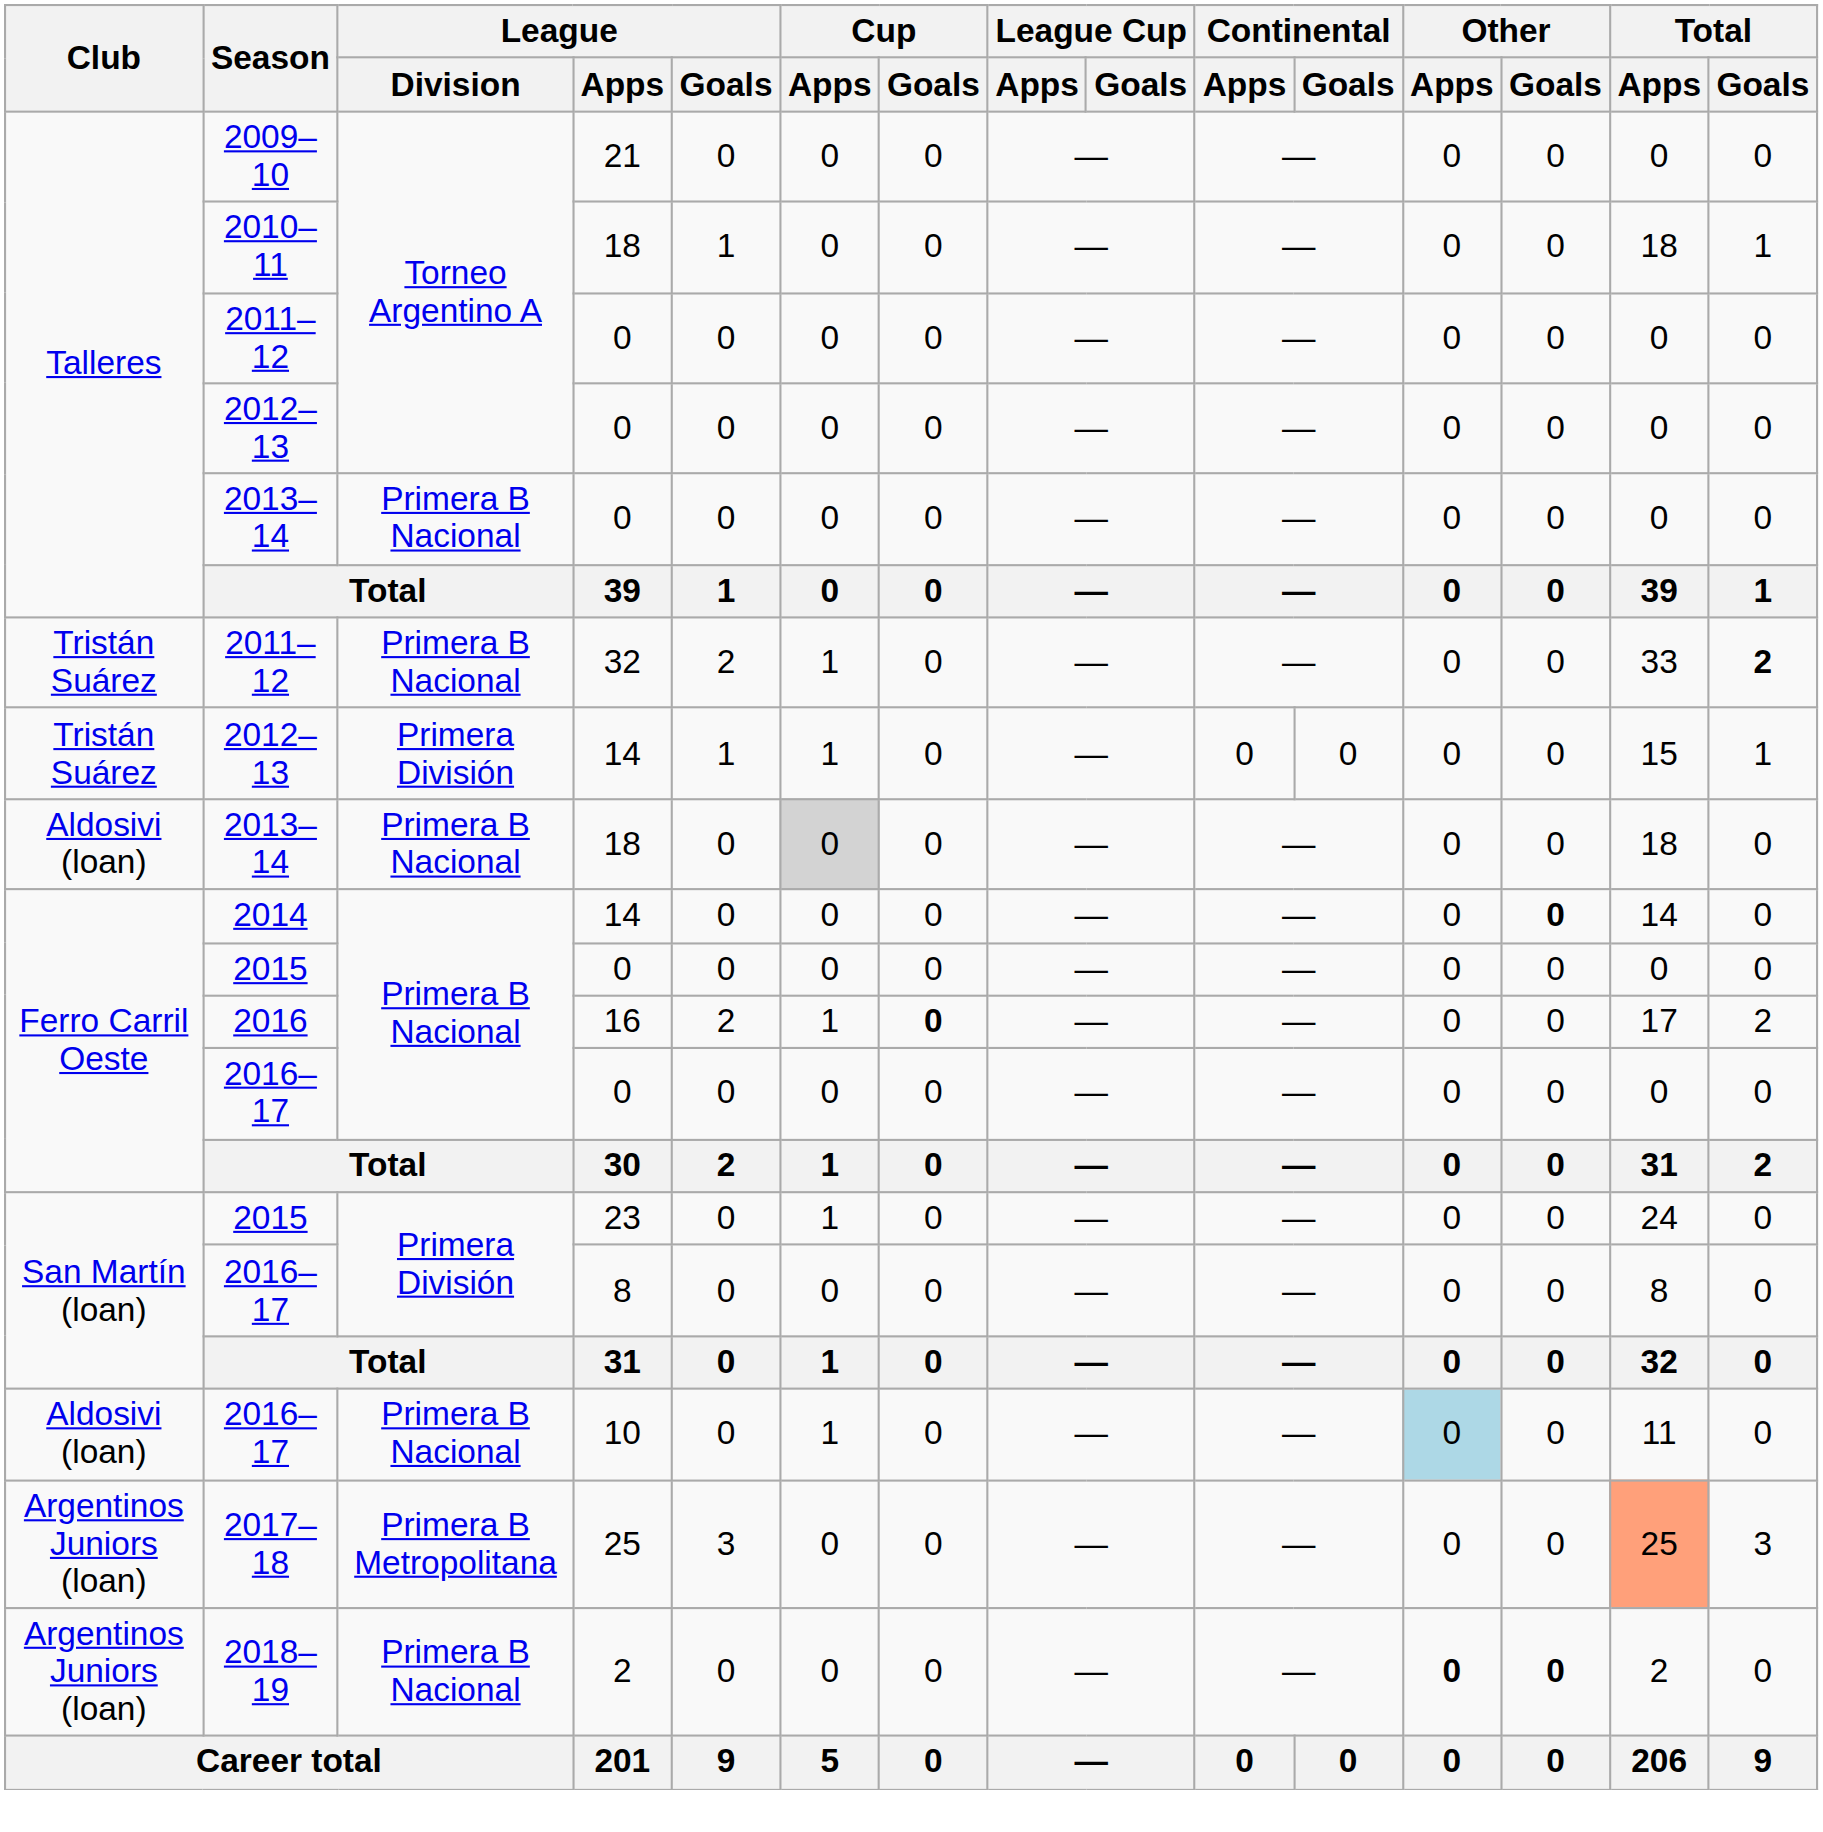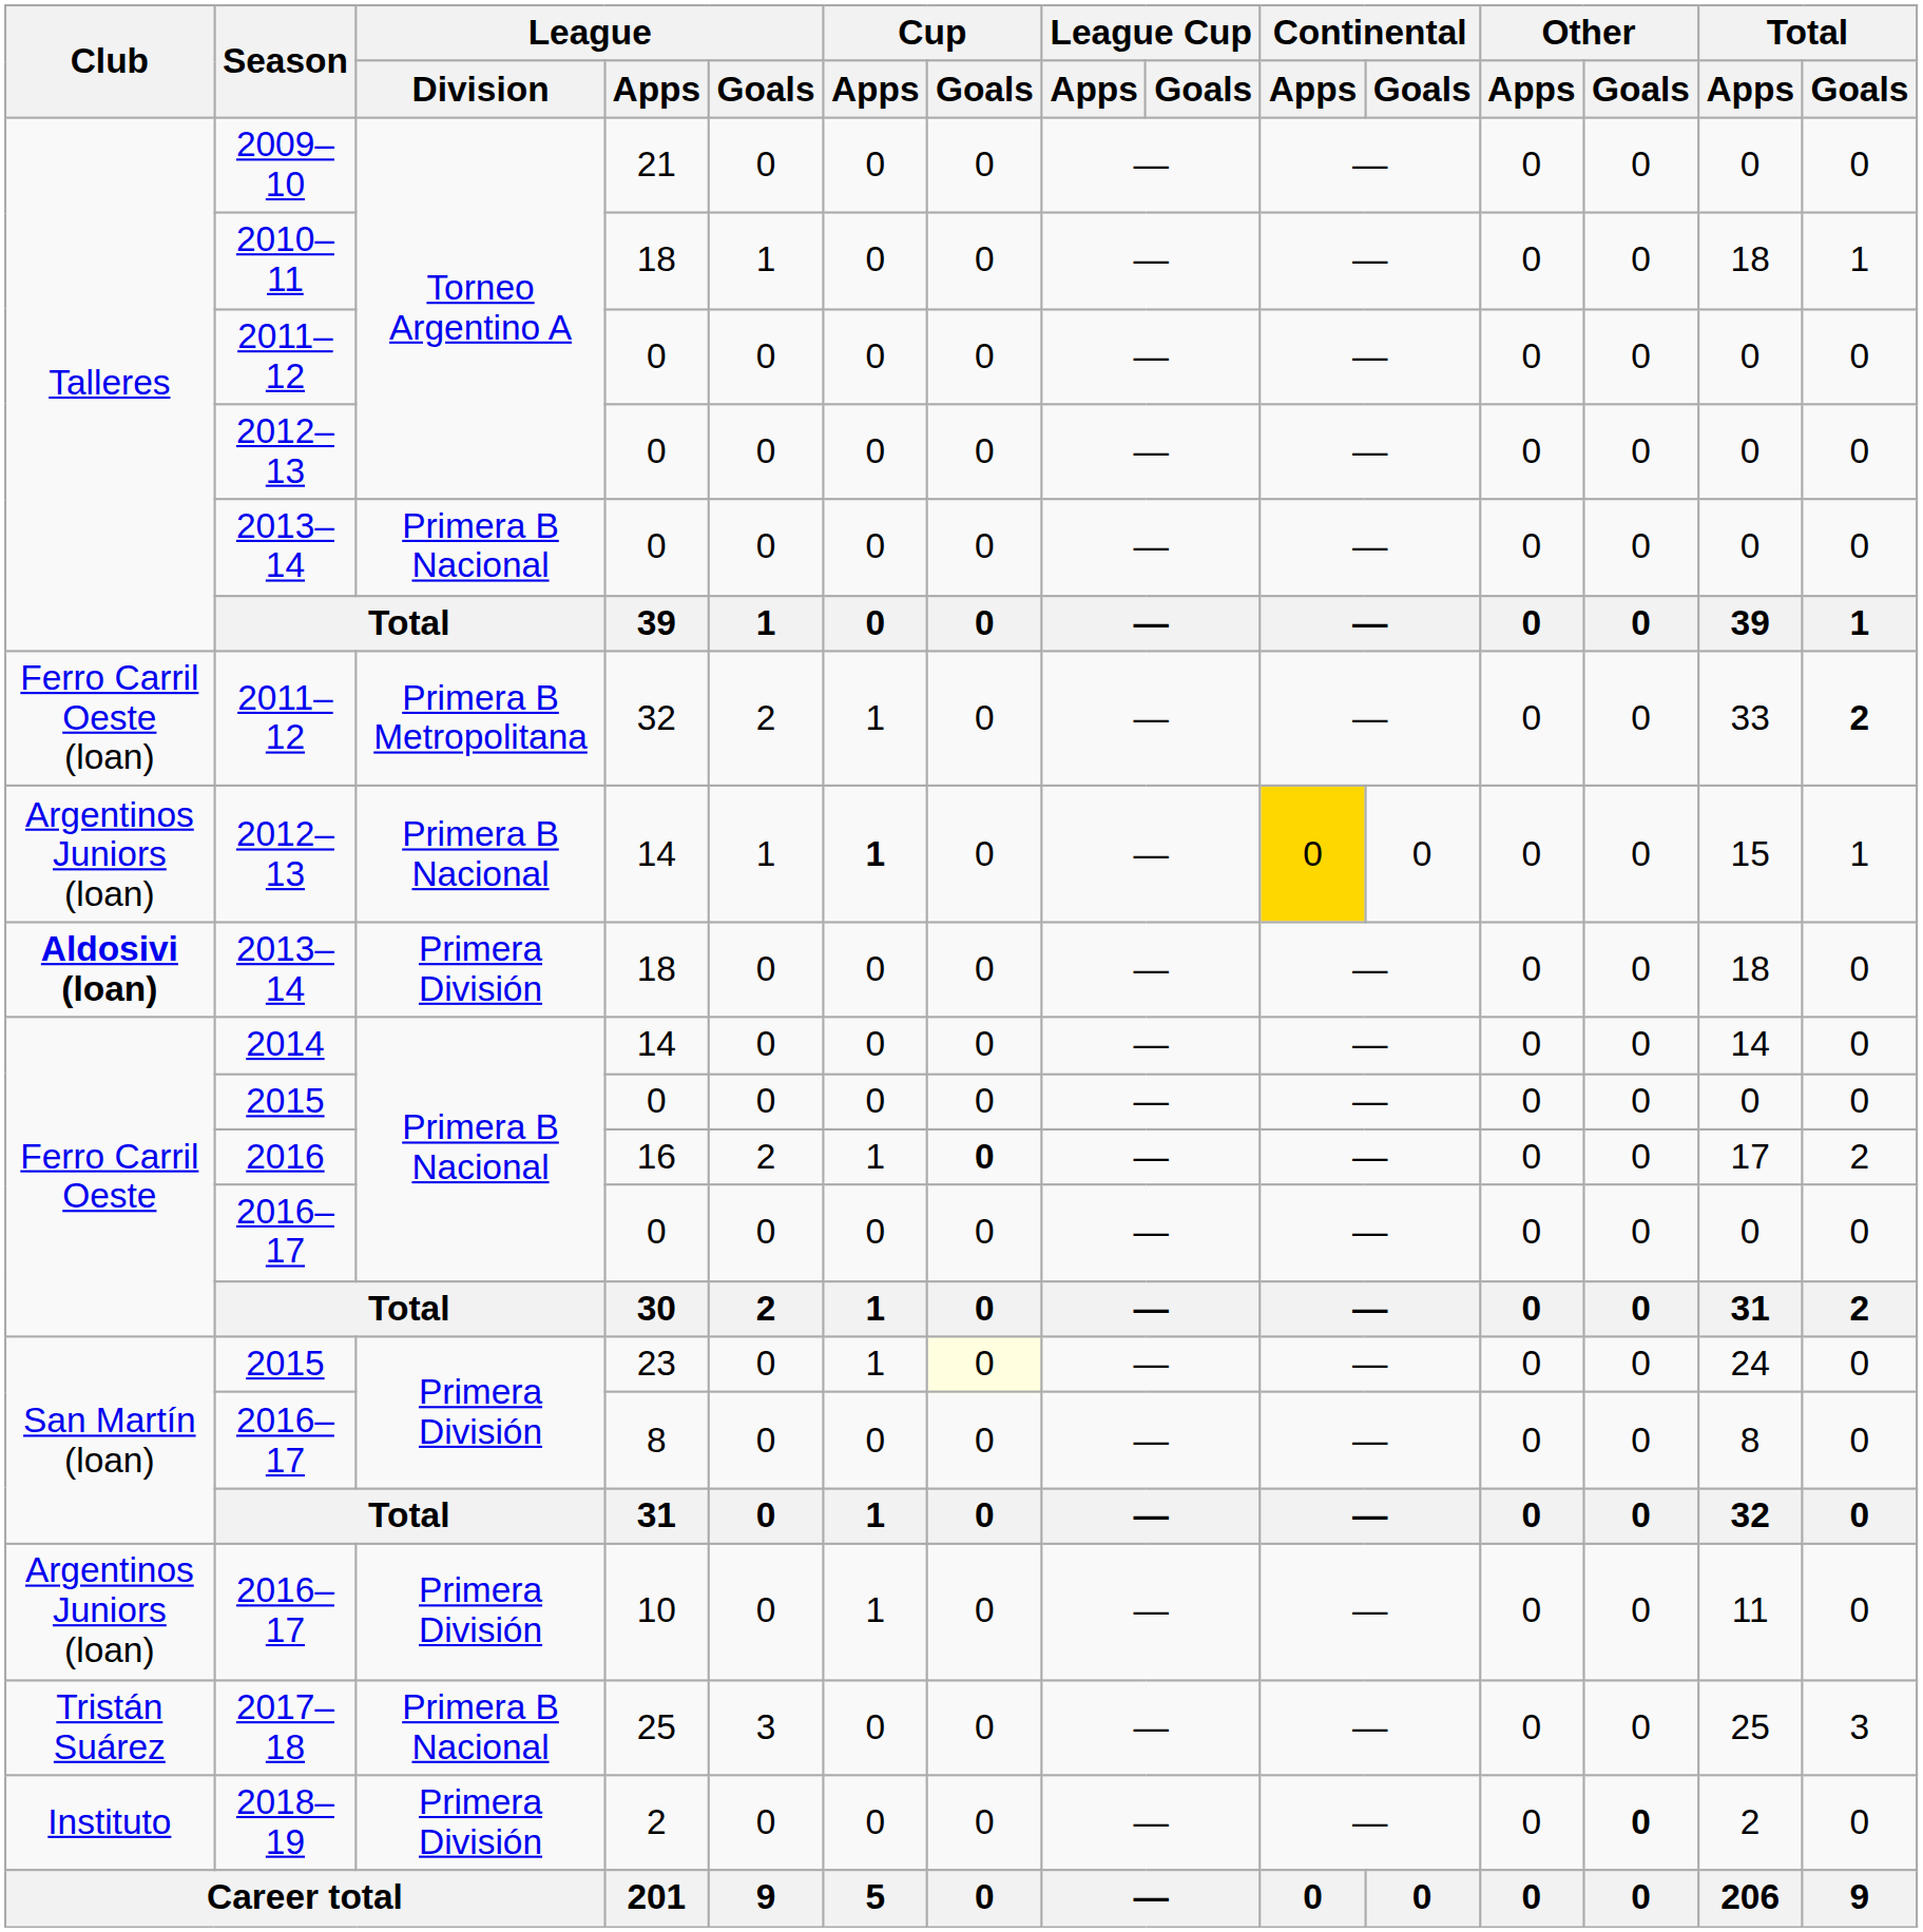 <table class="wikitable" style="text-align:center">
 <tr>
 <th rowspan="2">Club</th>
 <th rowspan="2">Season</th>
 <th colspan="3">League</th>
 <th colspan="2">Cup</th>
 <th colspan="2">League Cup</th>
 <th colspan="2">Continental</th>
 <th colspan="2">Other</th>
 <th colspan="2">Total</th>
 </tr>
 <tr>
 <th>Division</th>
 <th>Apps</th>
 <th>Goals</th>
 <th>Apps</th>
 <th>Goals</th>
 <th>Apps</th>
 <th>Goals</th>
 <th>Apps</th>
 <th>Goals</th>
 <th>Apps</th>
 <th>Goals</th>
 <th>Apps</th>
 <th>Goals</th>
 </tr>
 <tr>
 <td rowspan="6"><a href='#'>Talleres</a></td>
 <td><a href='#'>2009–10</a></td>
 <td rowspan="4"><a href='#'>Torneo Argentino A</a></td>
 <td>21</td>
 <td>0</td>
 <td>0</td>
 <td>0</td>
 <td colspan="2">—</td>
 <td colspan="2">—</td>
 <td>0</td>
 <td>0</td>
 <td>0</td>
 <td>0</td>
 </tr>
 <tr>
 <td><a href='#'>2010–11</a></td>
 <td>18</td>
 <td>1</td>
 <td>0</td>
 <td>0</td>
 <td colspan="2">—</td>
 <td colspan="2">—</td>
 <td>0</td>
 <td>0</td>
 <td>18</td>
 <td>1</td>
 </tr>
 <tr>
 <td><a href='#'>2011–12</a></td>
 <td>0</td>
 <td>0</td>
 <td>0</td>
 <td>0</td>
 <td colspan="2">—</td>
 <td colspan="2">—</td>
 <td>0</td>
 <td>0</td>
 <td>0</td>
 <td>0</td>
 </tr>
 <tr>
 <td><a href='#'>2012–13</a></td>
 <td>0</td>
 <td>0</td>
 <td>0</td>
 <td>0</td>
 <td colspan="2">—</td>
 <td colspan="2">—</td>
 <td>0</td>
 <td>0</td>
 <td>0</td>
 <td>0</td>
 </tr>
 <tr>
 <td><a href='#'>2013–14</a></td>
 <td rowspan="1"><a href='#'>Primera B Nacional</a></td>
 <td>0</td>
 <td>0</td>
 <td>0</td>
 <td>0</td>
 <td colspan="2">—</td>
 <td colspan="2">—</td>
 <td>0</td>
 <td>0</td>
 <td>0</td>
 <td>0</td>
 </tr>
 <tr>
 <th colspan="2">Total</th>
 <th>39</th>
 <th>1</th>
 <th>0</th>
 <th>0</th>
 <th colspan="2">—</th>
 <th colspan="2">—</th>
 <th>0</th>
 <th>0</th>
 <th>39</th>
 <th>1</th>
 </tr>
 <tr>
-<td rowspan="1"><a href='#'>Tristán Suárez</a></td>
+<td rowspan="1"><a href='#'>Ferro Carril Oeste</a> (loan)</td>
 <td><a href='#'>2011–12</a></td>
-<td rowspan="1"><a href='#'>Primera B Nacional</a></td>
+<td rowspan="1"><a href='#'>Primera B Metropolitana</a></td>
 <td>32</td>
 <td>2</td>
 <td>1</td>
 <td>0</td>
 <td colspan="2">—</td>
 <td colspan="2">—</td>
 <td>0</td>
 <td>0</td>
 <td>33</td>
 <td><strong>2</strong></td>
 </tr>
 <tr>
-<td rowspan="1"><a href='#'>Tristán Suárez</a></td>
+<td rowspan="1"><a href='#'>Argentinos Juniors</a> (loan)</td>
 <td><a href='#'>2012–13</a></td>
-<td rowspan="1"><a href='#'>Primera División</a></td>
+<td rowspan="1"><a href='#'>Primera B Nacional</a></td>
 <td>14</td>
 <td>1</td>
-<td>1</td>
+<td><strong>1</strong></td>
 <td>0</td>
 <td colspan="2">—</td>
-<td>0</td>
+<td style="background: gold;">0</td>
 <td>0</td>
 <td>0</td>
 <td>0</td>
 <td>15</td>
 <td>1</td>
 </tr>
 <tr>
-<td rowspan="1"><a href='#'>Aldosivi</a> (loan)</td>
+<td rowspan="1"><strong><a href='#'>Aldosivi</a> (loan)</strong></td>
 <td><a href='#'>2013–14</a></td>
-<td rowspan="1"><a href='#'>Primera B Nacional</a></td>
+<td rowspan="1"><a href='#'>Primera División</a></td>
 <td>18</td>
 <td>0</td>
-<td style="background: lightgrey;">0</td>
+<td>0</td>
 <td>0</td>
 <td colspan="2">—</td>
 <td colspan="2">—</td>
 <td>0</td>
 <td>0</td>
 <td>18</td>
 <td>0</td>
 </tr>
 <tr>
 <td rowspan="5"><a href='#'>Ferro Carril Oeste</a></td>
 <td><a href='#'>2014</a></td>
 <td rowspan="4"><a href='#'>Primera B Nacional</a></td>
 <td>14</td>
 <td>0</td>
 <td>0</td>
 <td>0</td>
 <td colspan="2">—</td>
 <td colspan="2">—</td>
 <td>0</td>
-<td><strong>0</strong></td>
+<td>0</td>
 <td>14</td>
 <td>0</td>
 </tr>
 <tr>
 <td><a href='#'>2015</a></td>
 <td>0</td>
 <td>0</td>
 <td>0</td>
 <td>0</td>
 <td colspan="2">—</td>
 <td colspan="2">—</td>
 <td>0</td>
 <td>0</td>
 <td>0</td>
 <td>0</td>
 </tr>
 <tr>
 <td><a href='#'>2016</a></td>
 <td>16</td>
 <td>2</td>
 <td>1</td>
 <td><strong>0</strong></td>
 <td colspan="2">—</td>
 <td colspan="2">—</td>
 <td>0</td>
 <td>0</td>
 <td>17</td>
 <td>2</td>
 </tr>
 <tr>
 <td><a href='#'>2016–17</a></td>
 <td>0</td>
 <td>0</td>
 <td>0</td>
 <td>0</td>
 <td colspan="2">—</td>
 <td colspan="2">—</td>
 <td>0</td>
 <td>0</td>
 <td>0</td>
 <td>0</td>
 </tr>
 <tr>
 <th colspan="2">Total</th>
 <th>30</th>
 <th>2</th>
 <th>1</th>
 <th>0</th>
 <th colspan="2">—</th>
 <th colspan="2">—</th>
 <th>0</th>
 <th>0</th>
 <th>31</th>
 <th>2</th>
 </tr>
 <tr>
 <td rowspan="3"><a href='#'>San Martín</a> (loan)</td>
 <td><a href='#'>2015</a></td>
 <td rowspan="2"><a href='#'>Primera División</a></td>
 <td>23</td>
 <td>0</td>
 <td>1</td>
-<td>0</td>
+<td style="background: lightyellow;">0</td>
 <td colspan="2">—</td>
 <td colspan="2">—</td>
 <td>0</td>
 <td>0</td>
 <td>24</td>
 <td>0</td>
 </tr>
 <tr>
 <td><a href='#'>2016–17</a></td>
 <td>8</td>
 <td>0</td>
 <td>0</td>
 <td>0</td>
 <td colspan="2">—</td>
 <td colspan="2">—</td>
 <td>0</td>
 <td>0</td>
 <td>8</td>
 <td>0</td>
 </tr>
 <tr>
 <th colspan="2">Total</th>
 <th>31</th>
 <th>0</th>
 <th>1</th>
 <th>0</th>
 <th colspan="2">—</th>
 <th colspan="2">—</th>
 <th>0</th>
 <th>0</th>
 <th>32</th>
 <th>0</th>
 </tr>
 <tr>
-<td rowspan="1"><a href='#'>Aldosivi</a> (loan)</td>
+<td rowspan="1"><a href='#'>Argentinos Juniors</a> (loan)</td>
 <td><a href='#'>2016–17</a></td>
-<td rowspan="1"><a href='#'>Primera B Nacional</a></td>
+<td rowspan="1"><a href='#'>Primera División</a></td>
 <td>10</td>
 <td>0</td>
 <td>1</td>
 <td>0</td>
 <td colspan="2">—</td>
 <td colspan="2">—</td>
-<td style="background: lightblue;">0</td>
+<td>0</td>
 <td>0</td>
 <td>11</td>
 <td>0</td>
 </tr>
 <tr>
-<td rowspan="1"><a href='#'>Argentinos Juniors</a> (loan)</td>
+<td rowspan="1"><a href='#'>Tristán Suárez</a></td>
 <td><a href='#'>2017–18</a></td>
-<td rowspan="1"><a href='#'>Primera B Metropolitana</a></td>
+<td rowspan="1"><a href='#'>Primera B Nacional</a></td>
 <td>25</td>
 <td>3</td>
 <td>0</td>
 <td>0</td>
 <td colspan="2">—</td>
 <td colspan="2">—</td>
 <td>0</td>
 <td>0</td>
-<td style="background: lightsalmon;">25</td>
+<td>25</td>
 <td>3</td>
 </tr>
 <tr>
-<td rowspan="1"><a href='#'>Argentinos Juniors</a> (loan)</td>
+<td rowspan="1"><a href='#'>Instituto</a></td>
 <td><a href='#'>2018–19</a></td>
-<td rowspan="1"><a href='#'>Primera B Nacional</a></td>
+<td rowspan="1"><a href='#'>Primera División</a></td>
 <td>2</td>
 <td>0</td>
 <td>0</td>
 <td>0</td>
 <td colspan="2">—</td>
 <td colspan="2">—</td>
-<td><strong>0</strong></td>
+<td>0</td>
 <td><strong>0</strong></td>
 <td>2</td>
 <td>0</td>
 </tr>
 <tr>
 <th colspan="3">Career total</th>
 <th>201</th>
 <th>9</th>
 <th>5</th>
 <th>0</th>
 <th colspan="2">—</th>
 <th>0</th>
 <th>0</th>
 <th>0</th>
 <th>0</th>
 <th>206</th>
 <th>9</th>
 </tr>
 </table>
